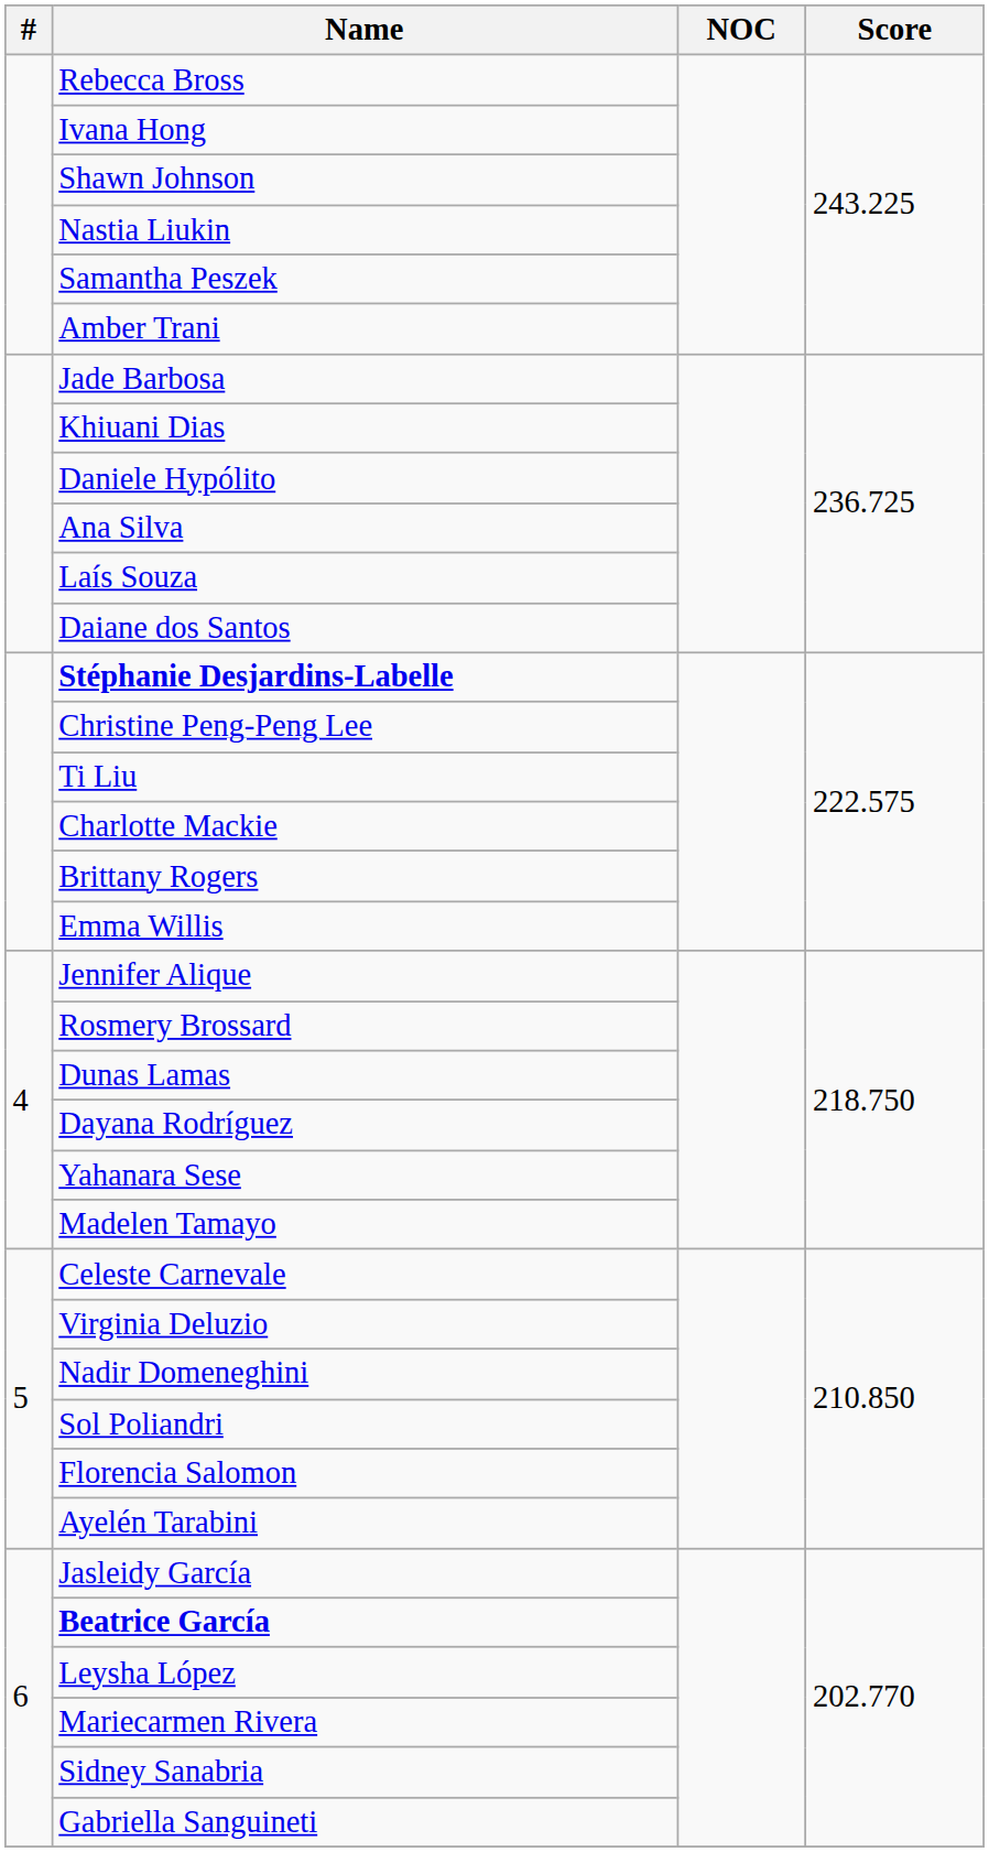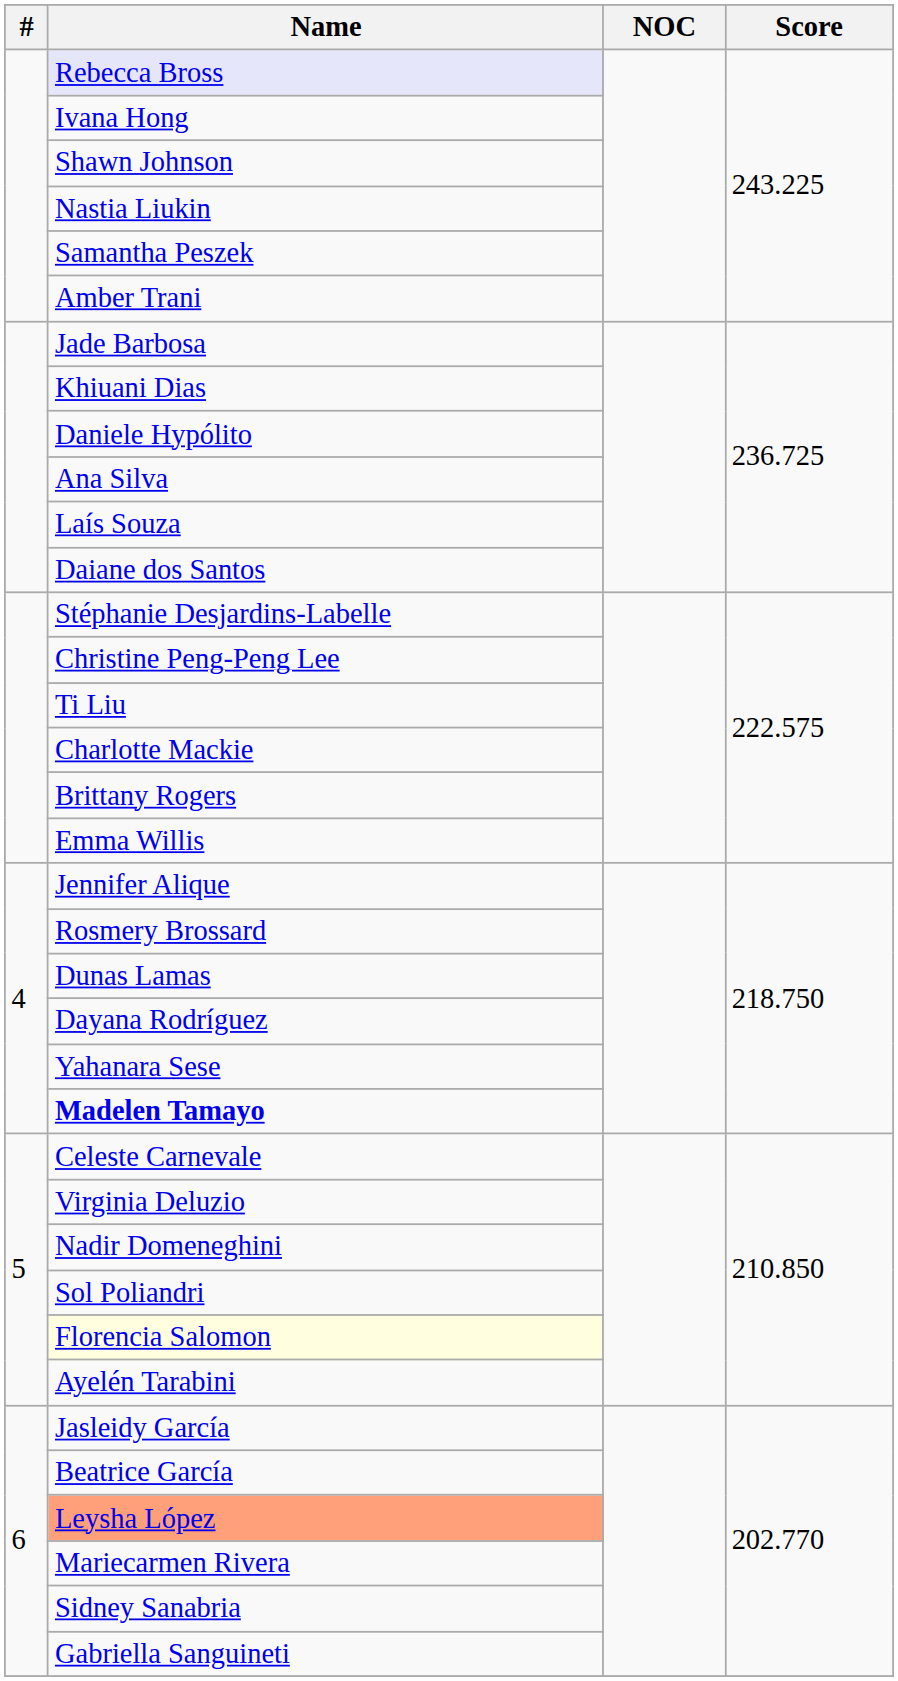 <table class="wikitable" width=500>
 <tr>
 <th>#</th>
 <th>Name</th>
 <th>NOC</th>
 <th>Score</th>
 </tr>
 <tr>
 <td rowspan=6></td>
-<td><a href='#'>Rebecca Bross</a></td>
+<td style="background: lavender;"><a href='#'>Rebecca Bross</a></td>
 <td rowspan=6></td>
 <td rowspan=6>243.225</td>
 </tr>
 <tr>
 <td><a href='#'>Ivana Hong</a></td>
 </tr>
 <tr>
 <td><a href='#'>Shawn Johnson</a></td>
 </tr>
 <tr>
 <td><a href='#'>Nastia Liukin</a></td>
 </tr>
 <tr>
 <td><a href='#'>Samantha Peszek</a></td>
 </tr>
 <tr>
 <td><a href='#'>Amber Trani</a></td>
 </tr>
 <tr>
 <td rowspan=6></td>
 <td><a href='#'>Jade Barbosa</a></td>
 <td rowspan=6></td>
 <td rowspan=6>236.725</td>
 </tr>
 <tr>
 <td><a href='#'>Khiuani Dias</a></td>
 </tr>
 <tr>
 <td><a href='#'>Daniele Hypólito</a></td>
 </tr>
 <tr>
 <td><a href='#'>Ana Silva</a></td>
 </tr>
 <tr>
 <td><a href='#'>Laís Souza</a></td>
 </tr>
 <tr>
 <td><a href='#'>Daiane dos Santos</a></td>
 </tr>
 <tr>
 <td rowspan=6></td>
-<td><strong><a href='#'>Stéphanie Desjardins-Labelle</a></strong></td>
+<td><a href='#'>Stéphanie Desjardins-Labelle</a></td>
 <td rowspan=6></td>
 <td rowspan=6>222.575</td>
 </tr>
 <tr>
 <td><a href='#'>Christine Peng-Peng Lee</a></td>
 </tr>
 <tr>
 <td><a href='#'>Ti Liu</a></td>
 </tr>
 <tr>
 <td><a href='#'>Charlotte Mackie</a></td>
 </tr>
 <tr>
 <td><a href='#'>Brittany Rogers</a></td>
 </tr>
 <tr>
 <td><a href='#'>Emma Willis</a></td>
 </tr>
 <tr>
 <td rowspan=6>4</td>
 <td><a href='#'>Jennifer Alique</a></td>
 <td rowspan=6></td>
 <td rowspan=6>218.750</td>
 </tr>
 <tr>
 <td><a href='#'>Rosmery Brossard</a></td>
 </tr>
 <tr>
 <td><a href='#'>Dunas Lamas</a></td>
 </tr>
 <tr>
 <td><a href='#'>Dayana Rodríguez</a></td>
 </tr>
 <tr>
 <td><a href='#'>Yahanara Sese</a></td>
 </tr>
 <tr>
-<td><a href='#'>Madelen Tamayo</a></td>
+<td><strong><a href='#'>Madelen Tamayo</a></strong></td>
 </tr>
 <tr>
 <td rowspan=6>5</td>
 <td><a href='#'>Celeste Carnevale</a></td>
 <td rowspan=6></td>
 <td rowspan=6>210.850</td>
 </tr>
 <tr>
 <td><a href='#'>Virginia Deluzio</a></td>
 </tr>
 <tr>
 <td><a href='#'>Nadir Domeneghini</a></td>
 </tr>
 <tr>
 <td><a href='#'>Sol Poliandri</a></td>
 </tr>
 <tr>
-<td><a href='#'>Florencia Salomon</a></td>
+<td style="background: lightyellow;"><a href='#'>Florencia Salomon</a></td>
 </tr>
 <tr>
 <td><a href='#'>Ayelén Tarabini</a></td>
 </tr>
 <tr>
 <td rowspan=6>6</td>
 <td><a href='#'>Jasleidy García</a></td>
 <td rowspan="6"></td>
 <td rowspan=6>202.770</td>
 </tr>
 <tr>
-<td><strong><a href='#'>Beatrice García</a></strong></td>
+<td><a href='#'>Beatrice García</a></td>
 </tr>
 <tr>
-<td><a href='#'>Leysha López</a></td>
+<td style="background: lightsalmon;"><a href='#'>Leysha López</a></td>
 </tr>
 <tr>
 <td><a href='#'>Mariecarmen Rivera</a></td>
 </tr>
 <tr>
 <td><a href='#'>Sidney Sanabria</a></td>
 </tr>
 <tr>
 <td><a href='#'>Gabriella Sanguineti</a></td>
 </tr>
 <tr>
 </tr>
 </table>
